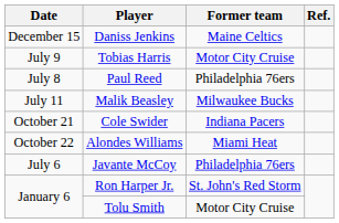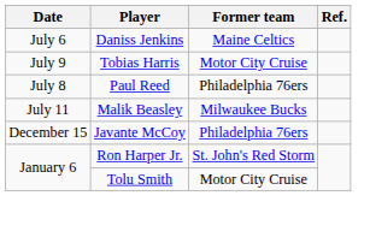 <table class="wikitable sortable sortable" style="text-align: center">
 <tr>
 <th>Date</th>
 <th>Player</th>
 <th>Former team</th>
 <th>Ref.</th>
 </tr>
 <tr>
-<td>December 15</td>
+<td>July 6</td>
 <td><a href='#'>Daniss Jenkins</a></td>
 <td><a href='#'>Maine Celtics</a></td>
 <td></td>
 </tr>
 <tr>
 <td>July 9</td>
 <td><a href='#'>Tobias Harris</a></td>
 <td><a href='#'>Motor City Cruise</a></td>
 <td></td>
 </tr>
 <tr>
 <td>July 8</td>
 <td><a href='#'>Paul Reed</a></td>
 <td>Philadelphia 76ers</td>
 <td></td>
 </tr>
 <tr>
 <td>July 11</td>
 <td><a href='#'>Malik Beasley</a></td>
 <td><a href='#'>Milwaukee Bucks</a></td>
 <td></td>
 </tr>
 <tr>
-<td>October 21</td>
-<td><a href='#'>Cole Swider</a></td>
-<td><a href='#'>Indiana Pacers</a></td>
-<td></td>
-</tr>
-<tr>
-<td>October 22</td>
-<td><a href='#'>Alondes Williams</a></td>
-<td><a href='#'>Miami Heat</a></td>
-<td></td>
-</tr>
-<tr>
-<td>July 6</td>
+<td>December 15</td>
 <td><a href='#'>Javante McCoy</a></td>
 <td><a href='#'>Philadelphia 76ers</a></td>
 <td></td>
 </tr>
 <tr style="text-align: center">
 <td rowspan="2">January 6</td>
 <td><a href='#'>Ron Harper Jr.</a></td>
 <td><a href='#'>St. John's Red Storm</a></td>
 <td rowspan="2"></td>
 </tr>
 <tr style="text-align: center">
 <td><a href='#'>Tolu Smith</a></td>
 <td>Motor City Cruise</td>
 </tr>
 </table>
